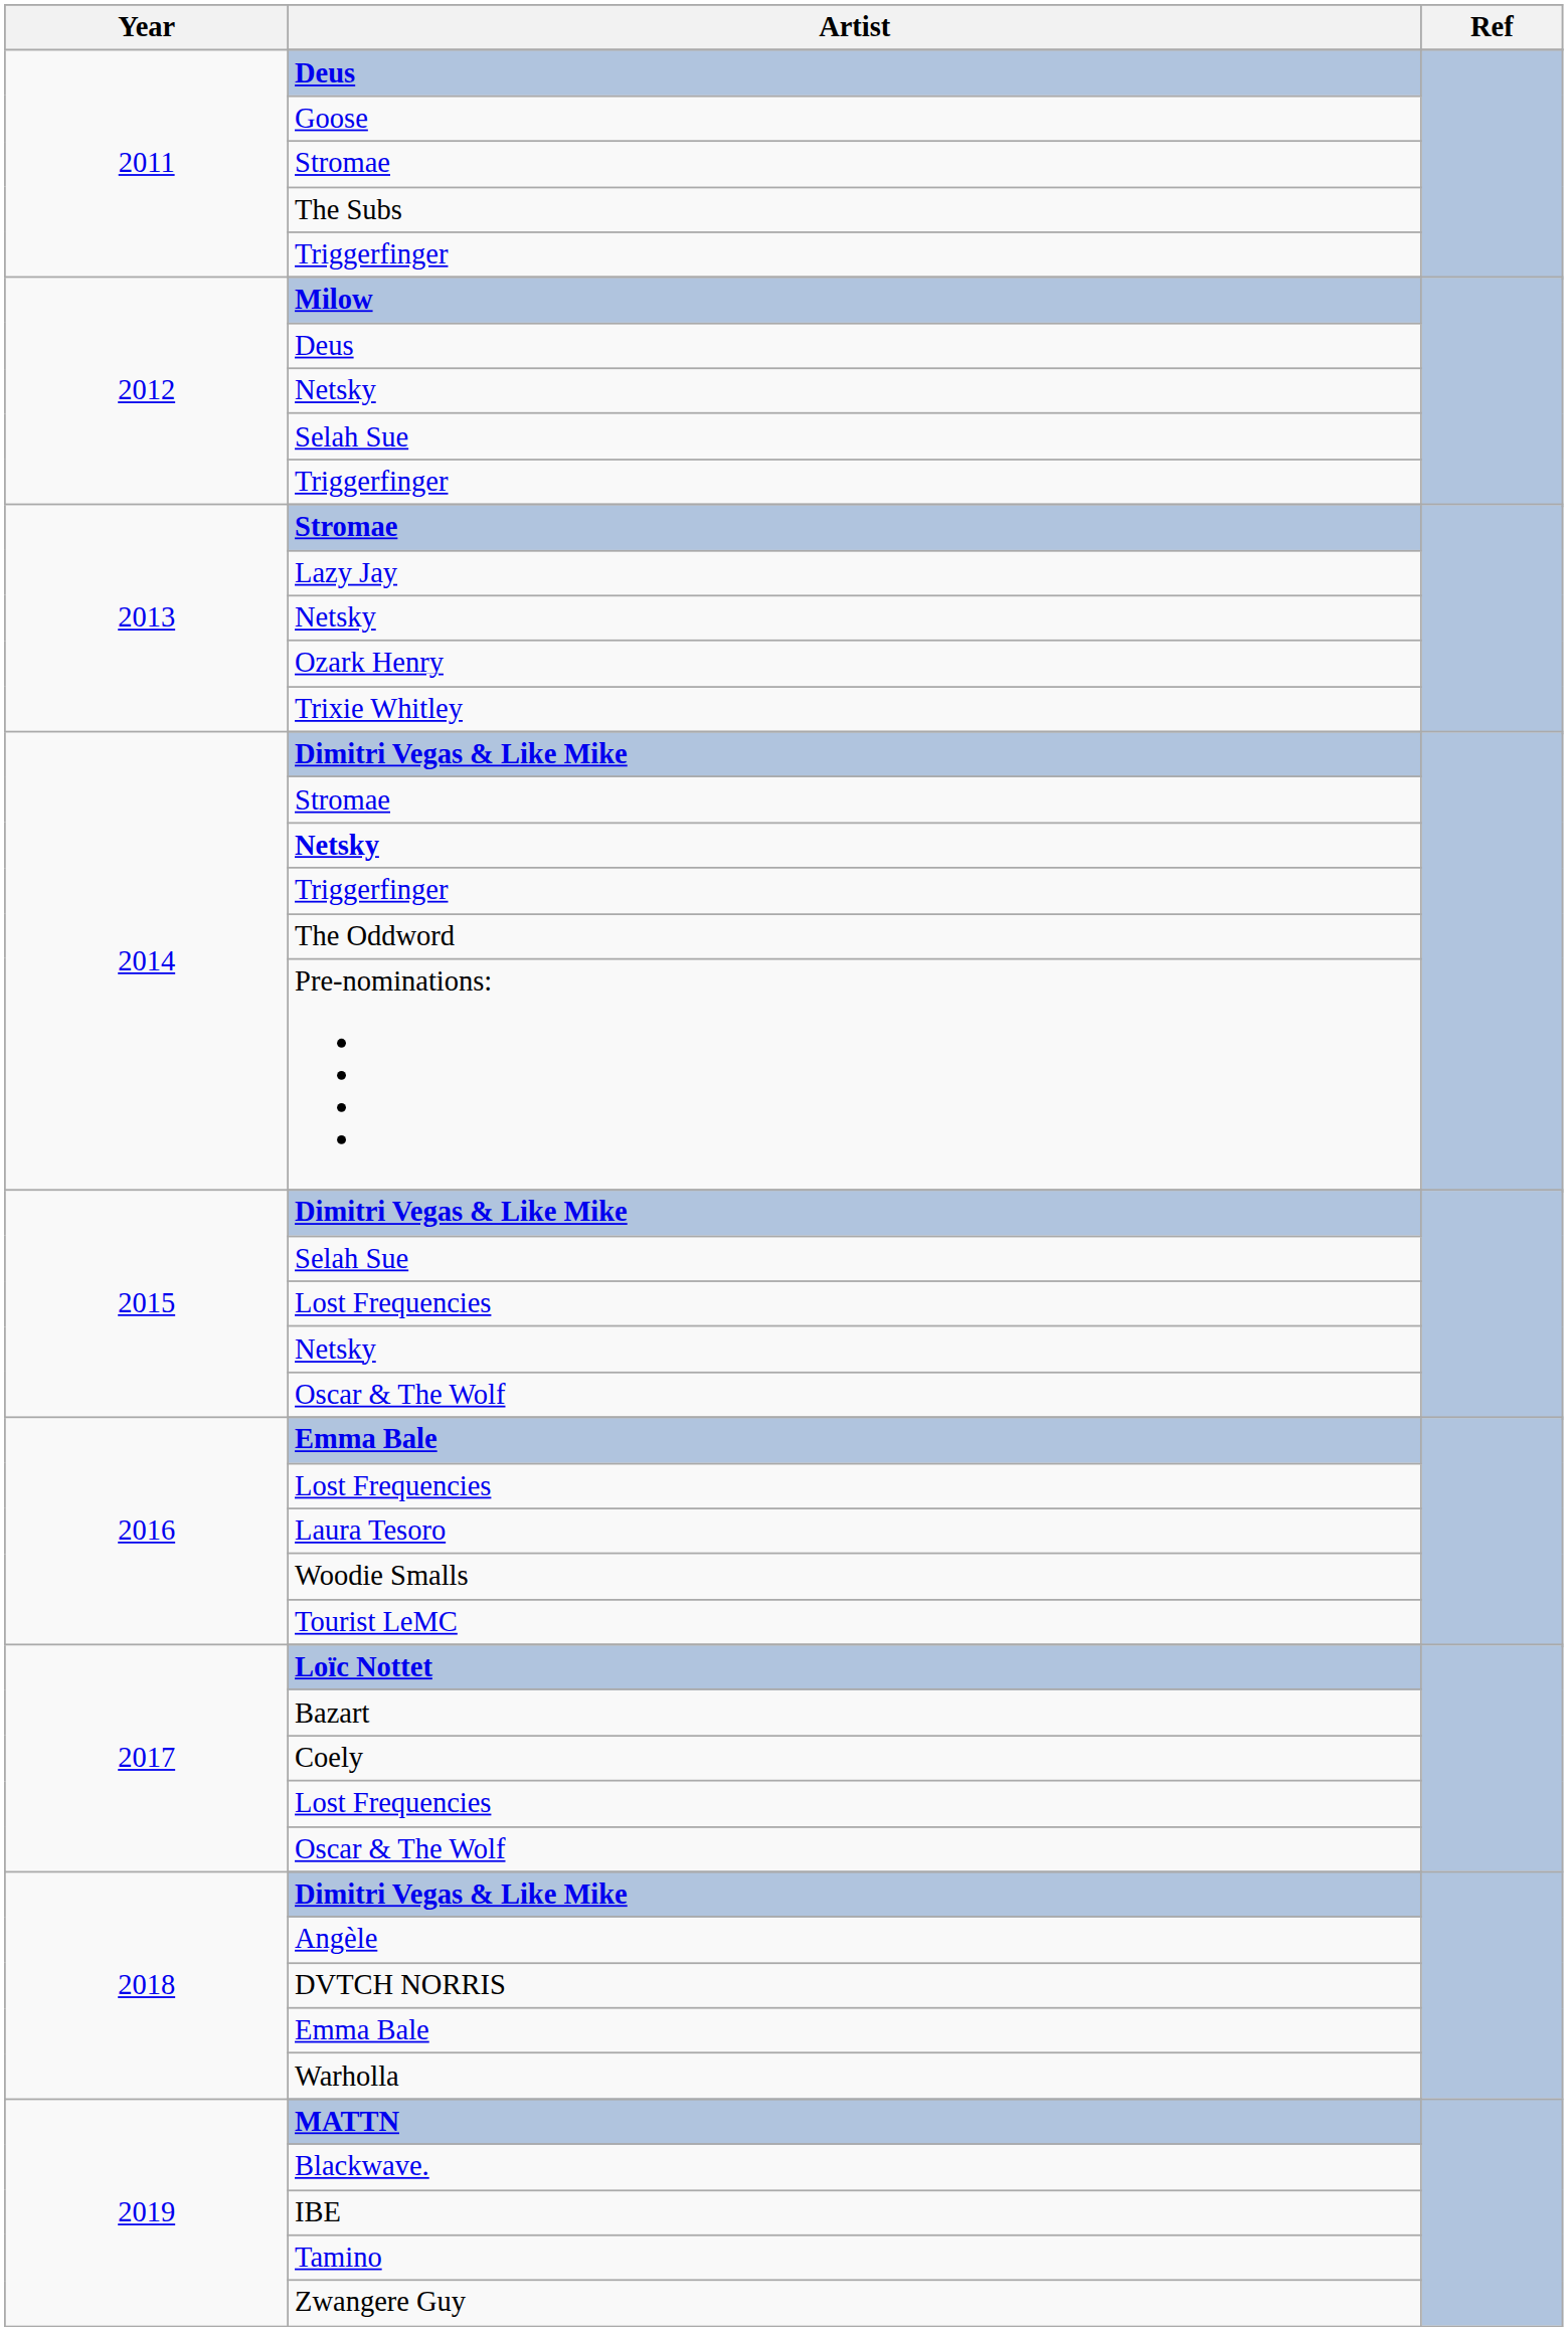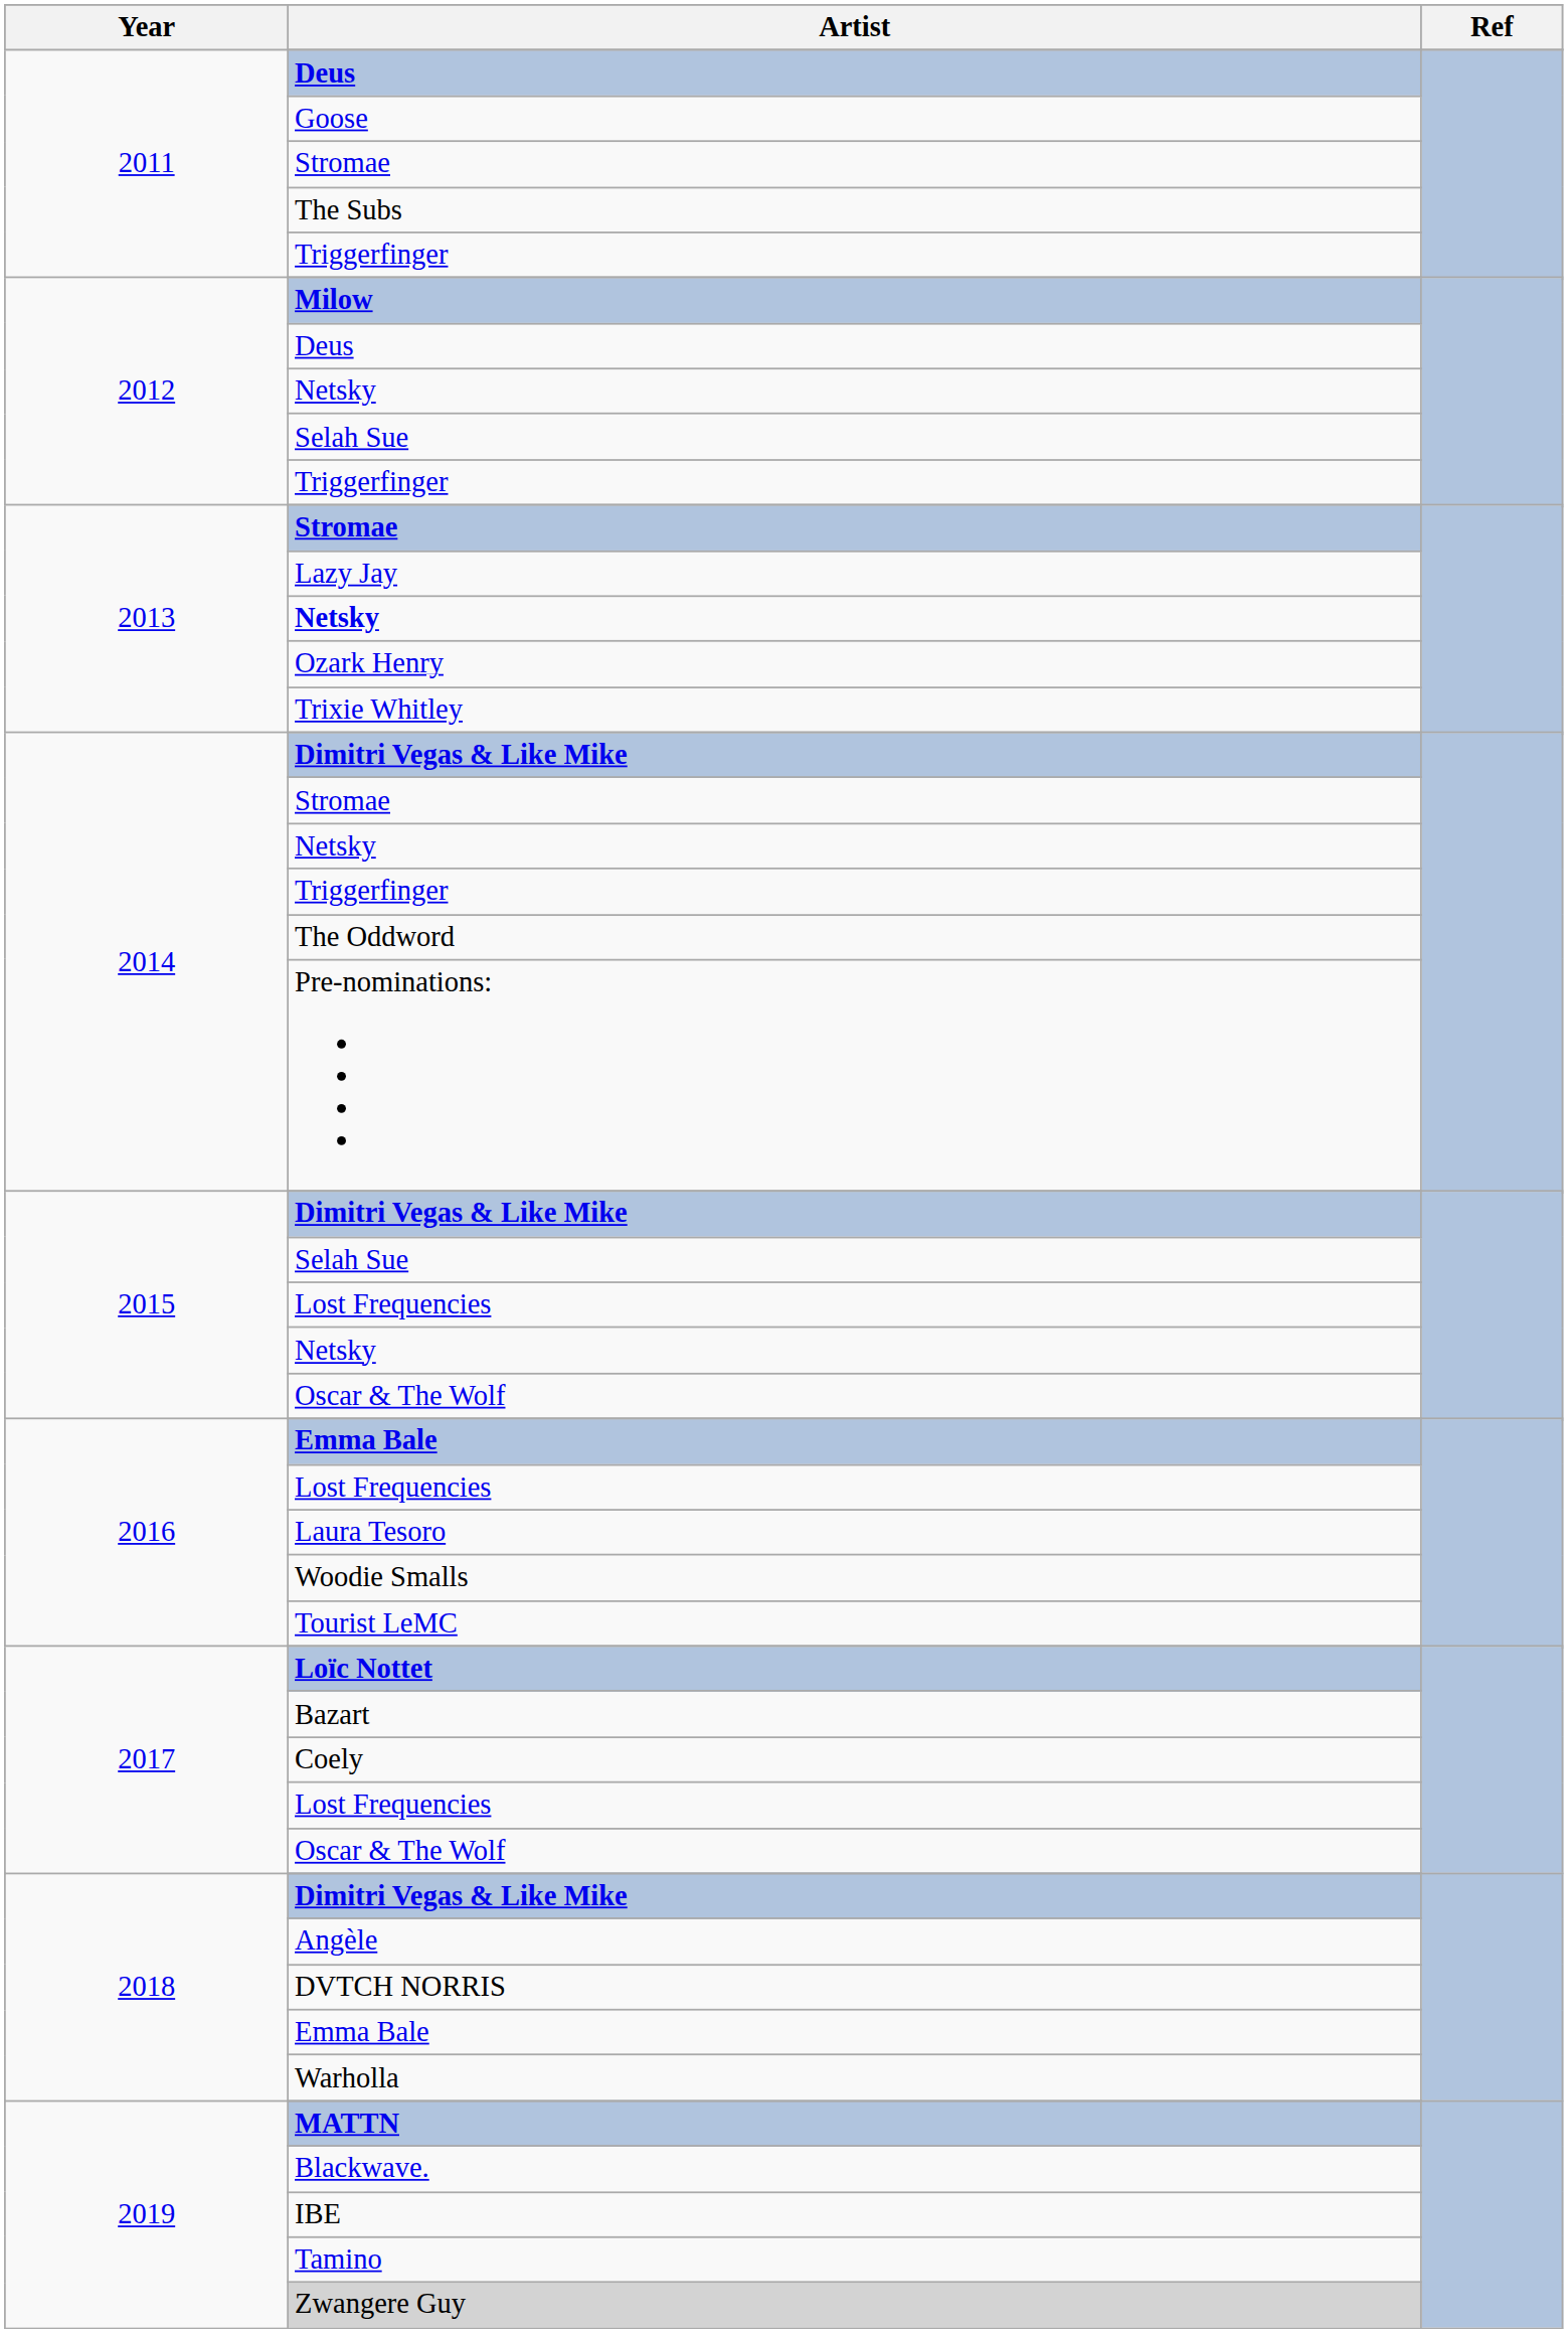 <table class="wikitable" style="width:55%;">
 <tr style="background:#bebebe;">
 <th style="width:10%;">Year</th>
 <th style="width:40%;">Artist</th>
 <th style="width:5%;">Ref</th>
 </tr>
 <tr>
 <td rowspan="6" align="center"><a href='#'>2011</a></td>
 </tr>
 <tr style="background:#B0C4DE">
 <td><strong><a href='#'>Deus</a></strong></td>
 <td rowspan="6" align="center"></td>
 </tr>
 <tr>
 <td><a href='#'>Goose</a></td>
 </tr>
 <tr>
 <td><a href='#'>Stromae</a></td>
 </tr>
 <tr>
 <td>The Subs</td>
 </tr>
 <tr>
 <td><a href='#'>Triggerfinger</a></td>
 </tr>
 <tr>
 <td rowspan="6" align="center"><a href='#'>2012</a></td>
 </tr>
 <tr style="background:#B0C4DE">
 <td><strong><a href='#'>Milow</a></strong></td>
 <td rowspan="6" align="center"></td>
 </tr>
 <tr>
 <td><a href='#'>Deus</a></td>
 </tr>
 <tr>
 <td><a href='#'>Netsky</a></td>
 </tr>
 <tr>
 <td><a href='#'>Selah Sue</a></td>
 </tr>
 <tr>
 <td><a href='#'>Triggerfinger</a></td>
 </tr>
 <tr>
 <td rowspan="6" align="center"><a href='#'>2013</a></td>
 </tr>
 <tr style="background:#B0C4DE">
 <td><strong><a href='#'>Stromae</a></strong></td>
 <td rowspan="6" align="center"></td>
 </tr>
 <tr>
 <td><a href='#'>Lazy Jay</a></td>
 </tr>
 <tr>
-<td><a href='#'>Netsky</a></td>
+<td><strong><a href='#'>Netsky</a></strong></td>
 </tr>
 <tr>
 <td><a href='#'>Ozark Henry</a></td>
 </tr>
 <tr>
 <td><a href='#'>Trixie Whitley</a></td>
 </tr>
 <tr>
 <td rowspan="7" align="center"><a href='#'>2014</a></td>
 </tr>
 <tr style="background:#B0C4DE">
 <td><strong><a href='#'>Dimitri Vegas & Like Mike</a></strong></td>
 <td rowspan="7" align="center"></td>
 </tr>
 <tr>
 <td><a href='#'>Stromae</a></td>
 </tr>
 <tr>
-<td><strong><a href='#'>Netsky</a></strong></td>
+<td><a href='#'>Netsky</a></td>
 </tr>
 <tr>
 <td><a href='#'>Triggerfinger</a></td>
 </tr>
 <tr>
 <td>The Oddword</td>
 </tr>
 <tr>
 <td>Pre-nominations:<br><ul><li></li><li></li><li></li><li></li></ul></td>
 </tr>
 <tr>
 <td rowspan="6" align="center"><a href='#'>2015</a></td>
 </tr>
 <tr style="background:#B0C4DE">
 <td><strong><a href='#'>Dimitri Vegas & Like Mike</a></strong></td>
 <td rowspan="6" align="center"></td>
 </tr>
 <tr>
 <td><a href='#'>Selah Sue</a></td>
 </tr>
 <tr>
 <td><a href='#'>Lost Frequencies</a></td>
 </tr>
 <tr>
 <td><a href='#'>Netsky</a></td>
 </tr>
 <tr>
 <td><a href='#'>Oscar & The Wolf</a></td>
 </tr>
 <tr>
 <td rowspan="6" align="center"><a href='#'>2016</a></td>
 </tr>
 <tr style="background:#B0C4DE">
 <td><strong><a href='#'>Emma Bale</a></strong></td>
 <td rowspan="6" align="center"></td>
 </tr>
 <tr>
 <td><a href='#'>Lost Frequencies</a></td>
 </tr>
 <tr>
 <td><a href='#'>Laura Tesoro</a></td>
 </tr>
 <tr>
 <td>Woodie Smalls</td>
 </tr>
 <tr>
 <td><a href='#'>Tourist LeMC</a></td>
 </tr>
 <tr>
 <td rowspan="6" align="center"><a href='#'>2017</a></td>
 </tr>
 <tr style="background:#B0C4DE">
 <td><strong><a href='#'>Loïc Nottet</a></strong></td>
 <td rowspan="6" align="center"></td>
 </tr>
 <tr>
 <td>Bazart</td>
 </tr>
 <tr>
 <td>Coely</td>
 </tr>
 <tr>
 <td><a href='#'>Lost Frequencies</a></td>
 </tr>
 <tr>
 <td><a href='#'>Oscar & The Wolf</a></td>
 </tr>
 <tr>
 <td rowspan="6" align="center"><a href='#'>2018</a></td>
 </tr>
 <tr style="background:#B0C4DE">
 <td><strong><a href='#'>Dimitri Vegas & Like Mike</a></strong></td>
 <td rowspan="6" align="center"></td>
 </tr>
 <tr>
 <td><a href='#'>Angèle</a></td>
 </tr>
 <tr>
 <td>DVTCH NORRIS</td>
 </tr>
 <tr>
 <td><a href='#'>Emma Bale</a></td>
 </tr>
 <tr>
 <td>Warholla</td>
 </tr>
 <tr>
 <td rowspan="6" align="center"><a href='#'>2019</a></td>
 </tr>
 <tr style="background:#B0C4DE">
 <td><strong><a href='#'>MATTN</a></strong></td>
 <td rowspan="6" align="center"></td>
 </tr>
 <tr>
 <td><a href='#'>Blackwave.</a></td>
 </tr>
 <tr>
 <td>IBE</td>
 </tr>
 <tr>
 <td><a href='#'>Tamino</a></td>
 </tr>
 <tr>
-<td>Zwangere Guy</td>
+<td style="background: lightgrey;">Zwangere Guy</td>
 </tr>
 </table>
